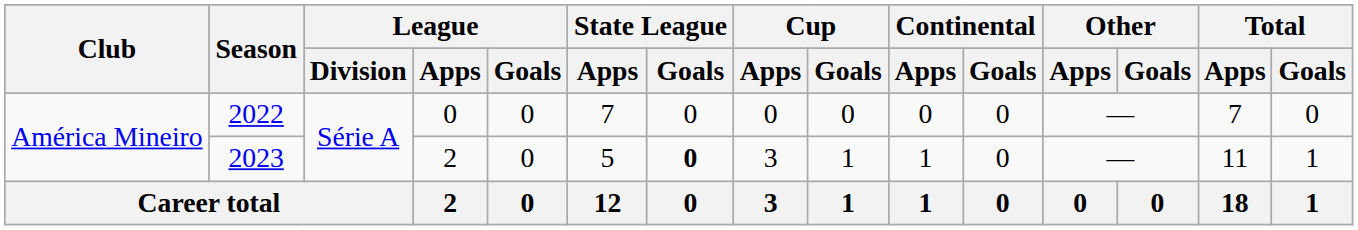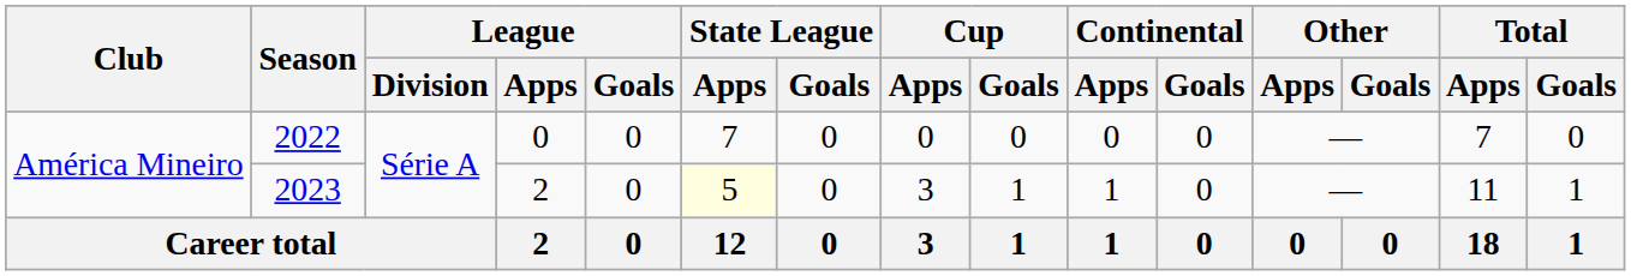 <table class="wikitable" style="text-align: center;">
 <tr>
 <th rowspan="2">Club</th>
 <th rowspan="2">Season</th>
 <th colspan="3">League</th>
 <th colspan="2">State League</th>
 <th colspan="2">Cup</th>
 <th colspan="2">Continental</th>
 <th colspan="2">Other</th>
 <th colspan="2">Total</th>
 </tr>
 <tr>
 <th>Division</th>
 <th>Apps</th>
 <th>Goals</th>
 <th>Apps</th>
 <th>Goals</th>
 <th>Apps</th>
 <th>Goals</th>
 <th>Apps</th>
 <th>Goals</th>
 <th>Apps</th>
 <th>Goals</th>
 <th>Apps</th>
 <th>Goals</th>
 </tr>
 <tr>
 <td rowspan=2><a href='#'>América Mineiro</a></td>
 <td><a href='#'>2022</a></td>
 <td rowspan=2><a href='#'>Série A</a></td>
 <td>0</td>
 <td>0</td>
 <td>7</td>
 <td>0</td>
 <td>0</td>
 <td>0</td>
 <td>0</td>
 <td>0</td>
 <td colspan=2>—</td>
 <td>7</td>
 <td>0</td>
 </tr>
 <tr>
 <td><a href='#'>2023</a></td>
 <td>2</td>
 <td>0</td>
-<td>5</td>
-<td><strong>0</strong></td>
+<td style="background: lightyellow;">5</td>
+<td>0</td>
 <td>3</td>
 <td>1</td>
 <td>1</td>
 <td>0</td>
 <td colspan=2>—</td>
 <td>11</td>
 <td>1</td>
 </tr>
 <tr>
 <th colspan=3><strong>Career total</strong></th>
 <th>2</th>
 <th>0</th>
 <th>12</th>
 <th>0</th>
 <th>3</th>
 <th>1</th>
 <th>1</th>
 <th>0</th>
 <th>0</th>
 <th>0</th>
 <th>18</th>
 <th>1</th>
 </tr>
 </table>
